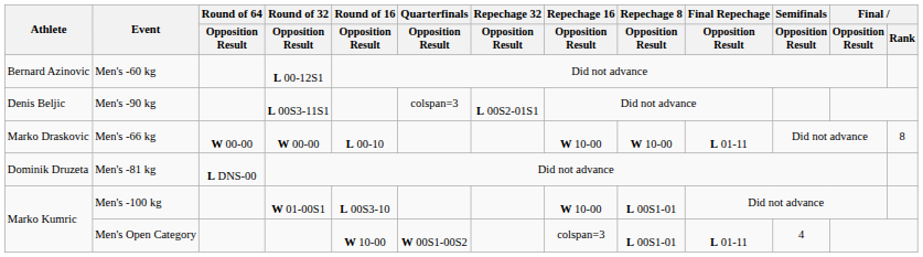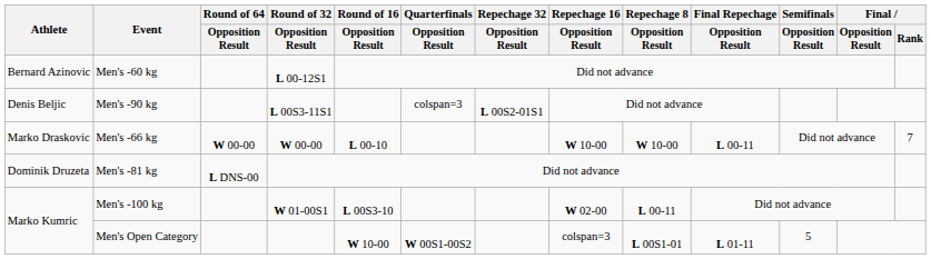 <table class="wikitable" style="font-size:90%">
 <tr>
 <th rowspan="2">Athlete</th>
 <th rowspan="2">Event</th>
 <th>Round of 64</th>
 <th>Round of 32</th>
 <th>Round of 16</th>
 <th>Quarterfinals</th>
 <th>Repechage 32</th>
 <th>Repechage 16</th>
 <th>Repechage 8</th>
 <th>Final Repechage</th>
 <th>Semifinals</th>
 <th colspan=2>Final / </th>
 </tr>
 <tr style="font-size:95%">
 <th>Opposition<br>Result</th>
 <th>Opposition<br>Result</th>
 <th>Opposition<br>Result</th>
 <th>Opposition<br>Result</th>
 <th>Opposition<br>Result</th>
 <th>Opposition<br>Result</th>
 <th>Opposition<br>Result</th>
 <th>Opposition<br>Result</th>
 <th>Opposition<br>Result</th>
 <th>Opposition<br>Result</th>
 <th>Rank</th>
 </tr>
 <tr align=center>
 <td align=left>Bernard Azinovic</td>
 <td align=left>Men's -60 kg</td>
 <td></td>
 <td><br><strong>L</strong> 00-12S1</td>
 <td colspan=8>Did not advance</td>
 <td></td>
 </tr>
 <tr align=center>
 <td align=left>Denis Beljic</td>
 <td align=left>Men's -90 kg</td>
 <td></td>
 <td><br><strong>L</strong> 00S3-11S1</td>
 <td></td>
 <td>colspan=3 </td>
 <td><br><strong>L</strong> 00S2-01S1</td>
 <td colspan=3>Did not advance</td>
 <td></td>
 </tr>
 <tr align=center>
 <td align=left>Marko Draskovic</td>
 <td align=left>Men's -66 kg</td>
 <td><br><strong>W</strong> 00-00</td>
 <td><br><strong>W</strong> 00-00</td>
 <td><br><strong>L</strong> 00-10</td>
 <td></td>
 <td></td>
 <td><br><strong>W</strong> 10-00</td>
 <td><br><strong>W</strong> 10-00</td>
-<td><br><strong>L</strong> 01-11</td>
+<td><br><strong>L</strong> 00-11</td>
 <td colspan=2>Did not advance</td>
-<td>8</td>
+<td>7</td>
 </tr>
 <tr align=center>
 <td align=left>Dominik Druzeta</td>
 <td align=left>Men's -81 kg</td>
 <td><br><strong>L</strong> DNS-00</td>
 <td colspan=9>Did not advance</td>
 <td></td>
 </tr>
 <tr align=center>
 <td align=left rowspan=2>Marko Kumric</td>
 <td align=left>Men's -100 kg</td>
 <td></td>
 <td><br><strong>W</strong> 01-00S1</td>
 <td><br><strong>L</strong> 00S3-10</td>
 <td></td>
 <td></td>
-<td><br><strong>W</strong> 10-00</td>
-<td><br><strong>L</strong> 00S1-01</td>
+<td><br><strong>W</strong> 02-00</td>
+<td><br><strong>L</strong> 00-11</td>
 <td colspan=3>Did not advance</td>
 <td></td>
 </tr>
 <tr align=center>
 <td align=left>Men's Open Category</td>
 <td></td>
 <td></td>
 <td><br><strong>W</strong> 10-00</td>
 <td><br><strong>W</strong> 00S1-00S2</td>
 <td></td>
 <td>colspan=3 </td>
 <td><br><strong>L</strong> 00S1-01</td>
 <td><br><strong>L</strong> 01-11</td>
-<td>4</td>
+<td>5</td>
 </tr>
 </table>
